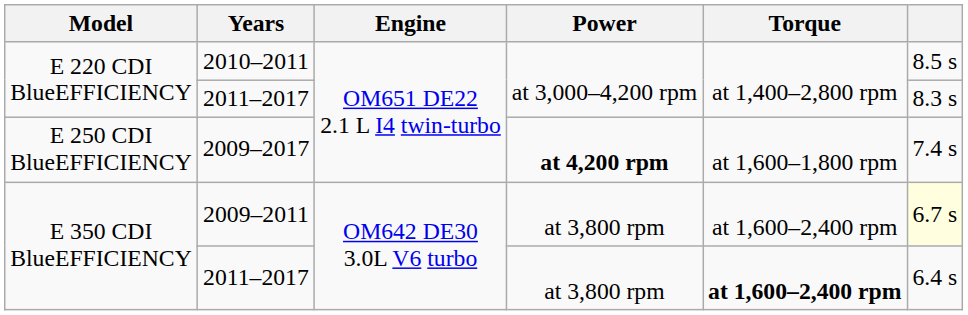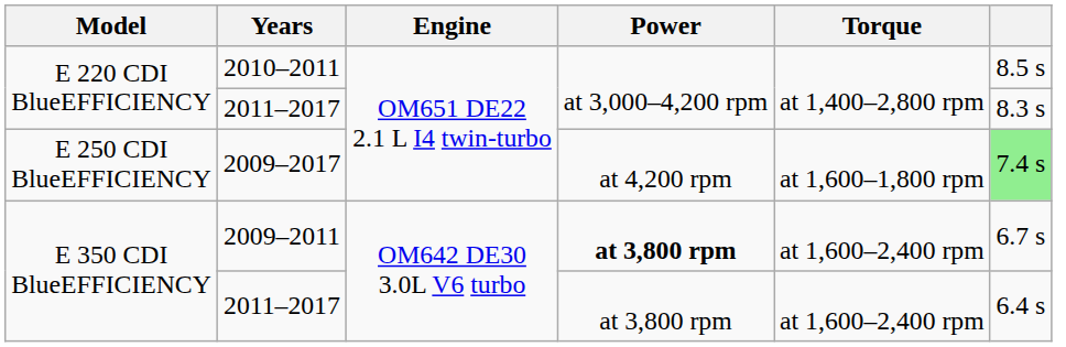 <table class="wikitable sortable" style="text-align: center;">
 <tr>
 <th>Model</th>
 <th>Years</th>
 <th>Engine</th>
 <th>Power</th>
 <th>Torque</th>
 <th></th>
 </tr>
 <tr>
 <td rowspan="2">E 220 CDI<br>BlueEFFICIENCY</td>
 <td>2010–2011</td>
 <td rowspan="3"><a href='#'>OM651 DE22</a><br>2.1 L <a href='#'>I4</a> <a href='#'>twin-turbo</a></td>
 <td rowspan="2"><br>at 3,000–4,200 rpm</td>
 <td rowspan="2"><br>at 1,400–2,800 rpm</td>
 <td>8.5 s</td>
 </tr>
 <tr>
 <td>2011–2017</td>
 <td>8.3 s</td>
 </tr>
 <tr>
 <td>E 250 CDI<br>BlueEFFICIENCY</td>
 <td>2009–2017</td>
-<td><strong><br>at 4,200 rpm</strong></td>
+<td><br>at 4,200 rpm</td>
 <td><br>at 1,600–1,800 rpm</td>
-<td>7.4 s</td>
+<td style="background: lightgreen;">7.4 s</td>
 </tr>
 <tr>
 <td rowspan="2">E 350 CDI<br>BlueEFFICIENCY</td>
 <td>2009–2011</td>
 <td rowspan="2"><a href='#'>OM642 DE30</a><br>3.0L <a href='#'>V6</a> <a href='#'>turbo</a></td>
-<td><br>at 3,800 rpm</td>
+<td><strong><br>at 3,800 rpm</strong></td>
 <td><br>at 1,600–2,400 rpm</td>
-<td style="background: lightyellow;">6.7 s</td>
+<td>6.7 s</td>
 </tr>
 <tr>
 <td>2011–2017</td>
 <td><br>at 3,800 rpm</td>
-<td><strong><br>at 1,600–2,400 rpm</strong></td>
+<td><br>at 1,600–2,400 rpm</td>
 <td>6.4 s</td>
 </tr>
 </table>
